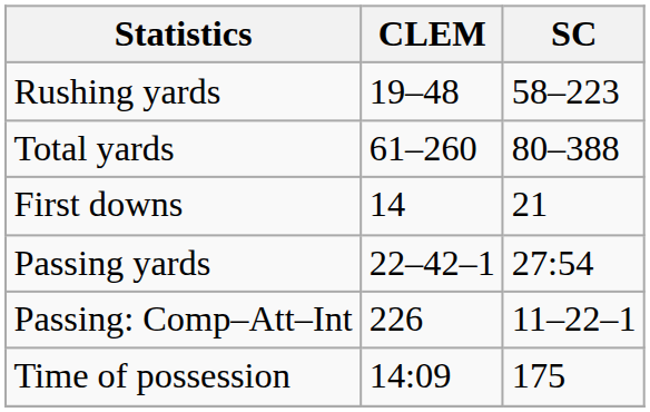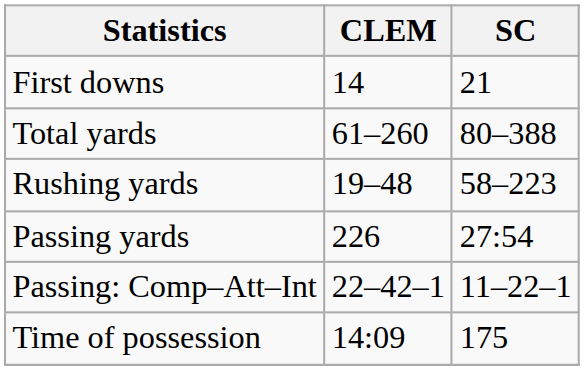 <table class="wikitable" style="float: left;">
 <tr>
 <th>Statistics</th>
 <th>CLEM</th>
 <th>SC</th>
 </tr>
 <tr>
-<td>Rushing yards</td>
-<td>19–48</td>
-<td>58–223</td>
+<td>First downs</td>
+<td>14</td>
+<td>21</td>
 </tr>
 <tr>
 <td>Total yards</td>
 <td>61–260</td>
 <td>80–388</td>
 </tr>
 <tr>
-<td>First downs</td>
-<td>14</td>
-<td>21</td>
+<td>Rushing yards</td>
+<td>19–48</td>
+<td>58–223</td>
 </tr>
 <tr>
 <td>Passing yards</td>
-<td>22–42–1</td>
+<td>226</td>
 <td>27:54</td>
 </tr>
 <tr>
 <td>Passing: Comp–Att–Int</td>
-<td>226</td>
+<td>22–42–1</td>
 <td>11–22–1</td>
 </tr>
 <tr>
 <td>Time of possession</td>
 <td>14:09</td>
 <td>175</td>
 </tr>
 <tr>
 </tr>
 </table>
